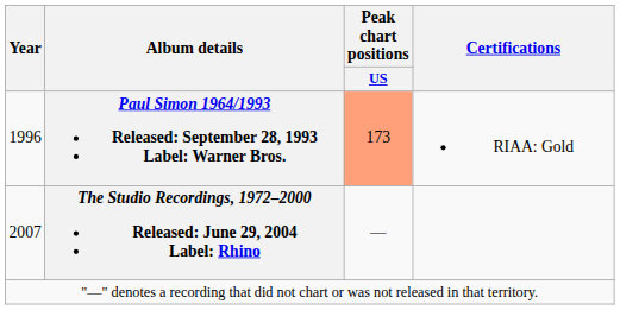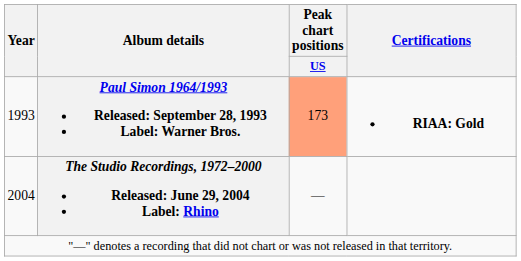 <table class="wikitable plainrowheaders" style="text-align:center;" border="1">
 <tr>
 <th scope="col" rowspan="2">Year</th>
 <th scope="col" rowspan="2" style="width:18em;">Album details</th>
 <th scope="col" colspan="1">Peak chart positions</th>
 <th scope="col" rowspan="2" style="width:12em;"><a href='#'>Certifications</a></th>
 </tr>
 <tr>
 <th scope="col" style="width:2em;font-size:90%;"><a href='#'>US</a><br></th>
 </tr>
 <tr>
-<td align="center">1996</td>
+<td align="center">1993</td>
 <th scope="row"><em><a href='#'>Paul Simon 1964/1993</a></em><br><ul><li>Released: September 28, 1993</li><li>Label: Warner Bros.</li></ul></th>
 <td style="background: lightsalmon;">173</td>
-<td><br><ul><li>RIAA: Gold</li></ul></td>
+<td><strong><br><ul><li>RIAA: Gold</li></ul></strong></td>
 </tr>
 <tr>
-<td align="center">2007</td>
+<td align="center">2004</td>
 <th scope="row"><em>The Studio Recordings, 1972–2000</em><br><ul><li>Released: June 29, 2004</li><li>Label: <a href='#'>Rhino</a></li></ul></th>
 <td>—</td>
 <td></td>
 </tr>
 <tr>
 <td colspan="20" style="font-size:90%">"—" denotes a recording that did not chart or was not released in that territory.</td>
 </tr>
 </table>
